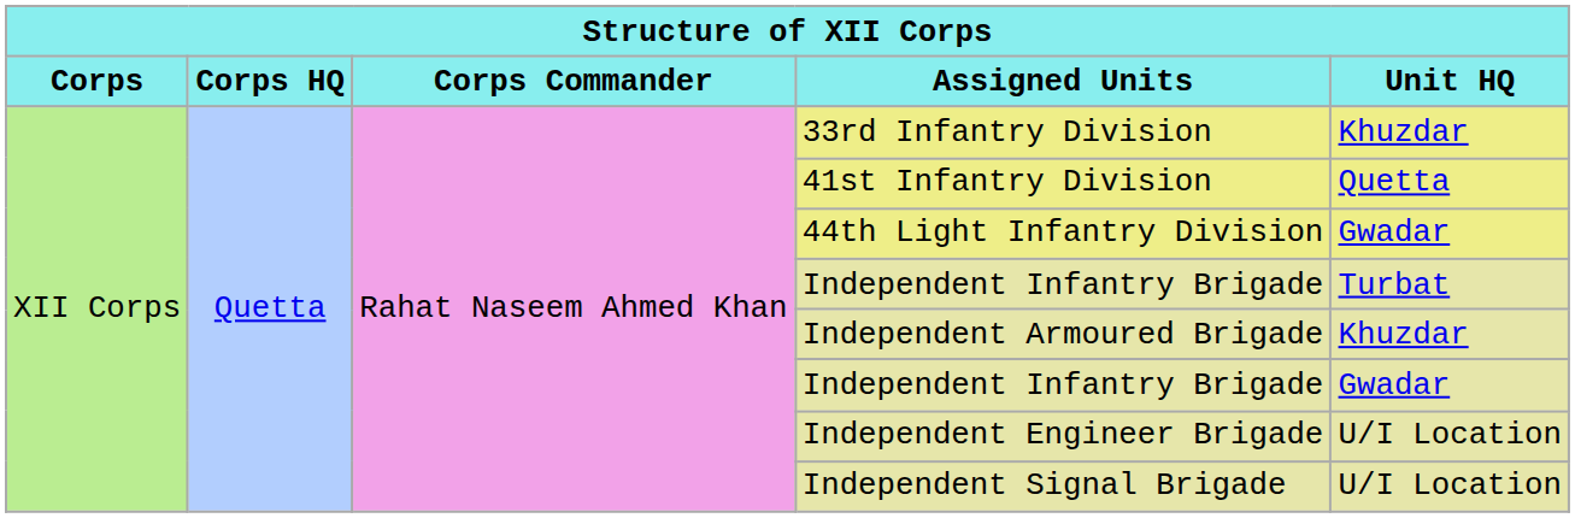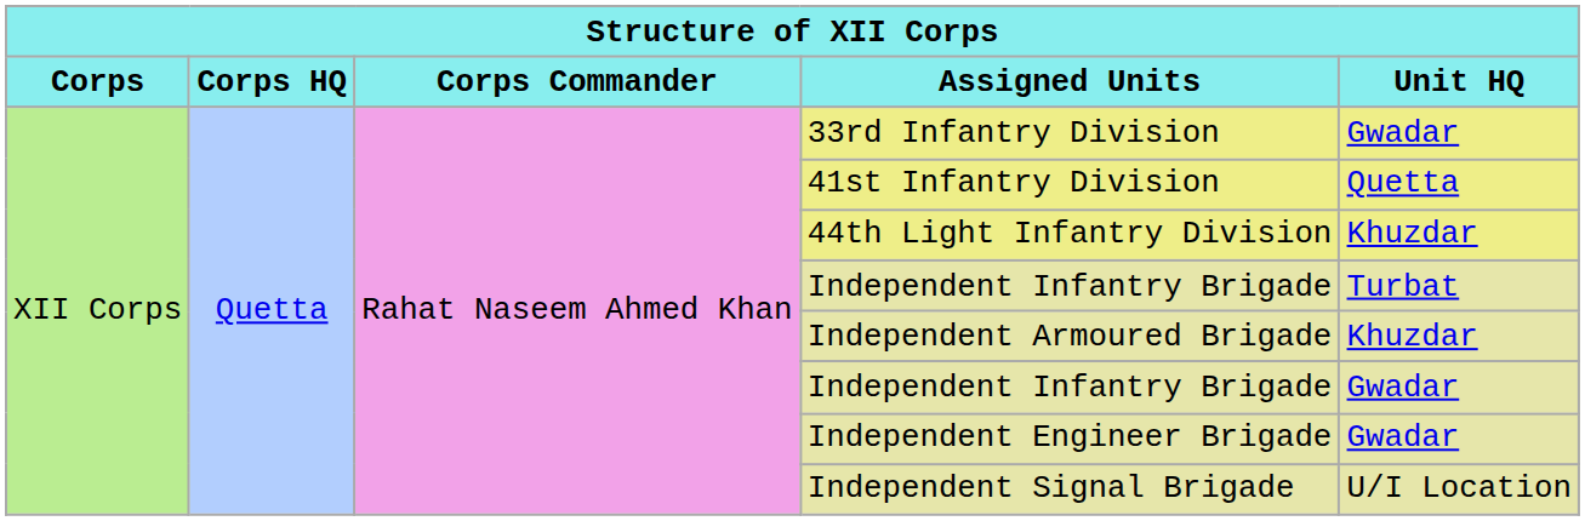 <table class="wikitable">
 <tr>
 <th colspan="5" style="background:#88EEEE;">Structure of XII Corps</th>
 </tr>
 <tr>
 <th style="background:#88EEEE;">Corps</th>
 <th style="background:#88EEEE;">Corps HQ</th>
 <th style="background:#88EEEE;">Corps Commander</th>
 <th style="background:#88EEEE;">Assigned Units</th>
 <th style="background:#88EEEE;">Unit HQ</th>
 </tr>
 <tr>
 <td rowspan="8"  style="background:#baed91; text-align:center;">XII Corps</td>
 <td rowspan="8"  style="background:#b2cefe; text-align:center;"><a href='#'>Quetta</a></td>
 <td rowspan="8"  style="background:#f2a2e8; text-align:center;">Rahat Naseem Ahmed Khan <br></td>
 <td style="background:#EEEE88;">33rd Infantry Division</td>
-<td style="background:#EEEE88;"><a href='#'>Khuzdar</a></td>
+<td style="background:#EEEE88;"><a href='#'>Gwadar</a></td>
 </tr>
 <tr>
 <td style="background:#EEEE88;">41st Infantry Division</td>
 <td style="background:#EEEE88;"><a href='#'>Quetta</a></td>
 </tr>
 <tr>
 <td style="background:#EEEE88;">44th Light Infantry Division</td>
-<td style="background:#EEEE88;"><a href='#'>Gwadar</a></td>
+<td style="background:#EEEE88;"><a href='#'>Khuzdar</a></td>
 </tr>
 <tr>
 <td style="background:#e6e6aa;">Independent Infantry Brigade</td>
 <td style="background:#e6e6aa;"><a href='#'>Turbat</a></td>
 </tr>
 <tr>
 <td style="background:#e6e6aa;">Independent Armoured Brigade</td>
 <td style="background:#e6e6aa;"><a href='#'>Khuzdar</a></td>
 </tr>
 <tr>
 <td style="background:#e6e6aa;">Independent Infantry Brigade</td>
 <td style="background:#e6e6aa;"><a href='#'>Gwadar</a></td>
 </tr>
 <tr>
 <td style="background:#e6e6aa;">Independent Engineer Brigade</td>
-<td style="background:#e6e6aa;">U/I Location</td>
+<td style="background:#e6e6aa;"><a href='#'>Gwadar</a></td>
 </tr>
 <tr>
 <td style="background:#e6e6aa;">Independent Signal Brigade</td>
 <td style="background:#e6e6aa;">U/I Location</td>
 </tr>
 </table>
